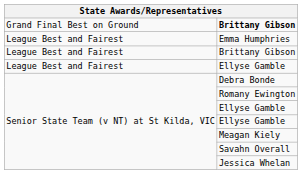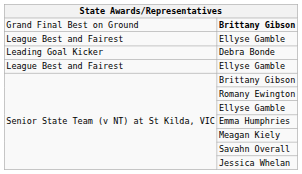 <table class="wikitable">
 <tr>
 <th colspan="2">State Awards/Representatives</th>
 </tr>
 <tr>
 <td>Grand Final Best on Ground</td>
 <td><strong>Brittany Gibson</strong></td>
 </tr>
 <tr>
 <td>League Best and Fairest</td>
-<td>Emma Humphries</td>
+<td>Ellyse Gamble</td>
 </tr>
 <tr>
-<td>League Best and Fairest</td>
-<td>Brittany Gibson</td>
+<td>Leading Goal Kicker</td>
+<td>Debra Bonde</td>
 </tr>
 <tr>
 <td>League Best and Fairest</td>
 <td>Ellyse Gamble</td>
 </tr>
 <tr>
 <td rowspan="7">Senior State Team (v NT) at St Kilda, VIC</td>
-<td>Debra Bonde</td>
+<td>Brittany Gibson</td>
 </tr>
 <tr>
 <td>Romany Ewington</td>
 </tr>
 <tr>
 <td>Ellyse Gamble</td>
 </tr>
 <tr>
-<td>Ellyse Gamble</td>
+<td>Emma Humphries</td>
 </tr>
 <tr>
 <td>Meagan Kiely</td>
 </tr>
 <tr>
 <td>Savahn Overall</td>
 </tr>
 <tr>
 <td>Jessica Whelan</td>
 </tr>
 </table>
